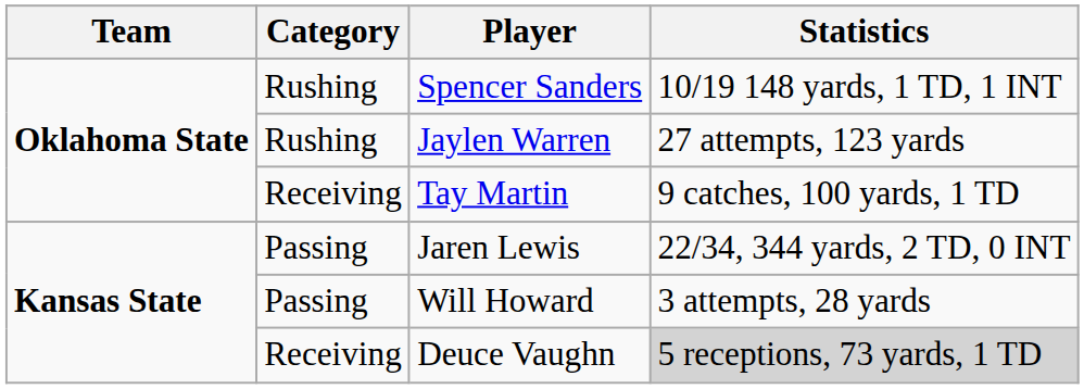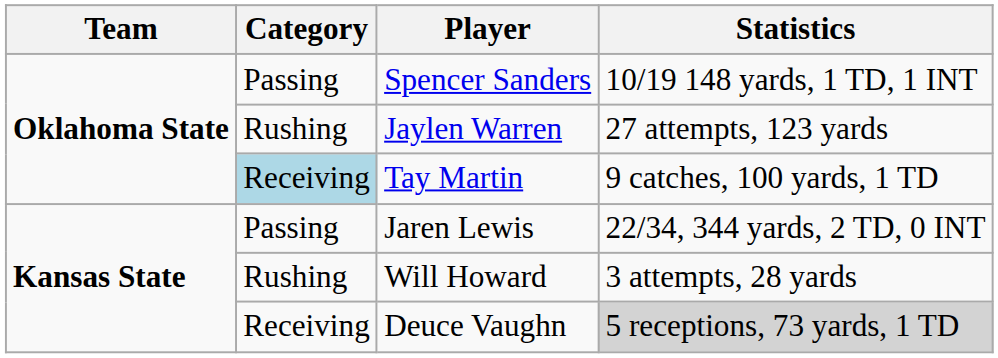 <table class="wikitable" style="float: right;">
 <tr>
 <th>Team</th>
 <th>Category</th>
 <th>Player</th>
 <th>Statistics</th>
 </tr>
 <tr>
 <td rowspan=3><strong>Oklahoma State</strong></td>
-<td>Rushing</td>
+<td>Passing</td>
 <td><a href='#'>Spencer Sanders</a></td>
 <td>10/19 148 yards, 1 TD, 1 INT</td>
 </tr>
 <tr>
 <td>Rushing</td>
 <td><a href='#'>Jaylen Warren</a></td>
 <td>27 attempts, 123 yards</td>
 </tr>
 <tr>
-<td>Receiving</td>
+<td style="background: lightblue;">Receiving</td>
 <td><a href='#'>Tay Martin</a></td>
 <td>9 catches, 100 yards, 1 TD</td>
 </tr>
 <tr>
 <td rowspan=3><strong>Kansas State</strong></td>
 <td>Passing</td>
 <td>Jaren Lewis</td>
 <td>22/34, 344 yards, 2 TD, 0 INT</td>
 </tr>
 <tr>
-<td>Passing</td>
+<td>Rushing</td>
 <td>Will Howard</td>
 <td>3 attempts, 28 yards</td>
 </tr>
 <tr>
 <td>Receiving</td>
 <td>Deuce Vaughn</td>
 <td style="background: lightgrey;">5 receptions, 73 yards, 1 TD</td>
 </tr>
 </table>
